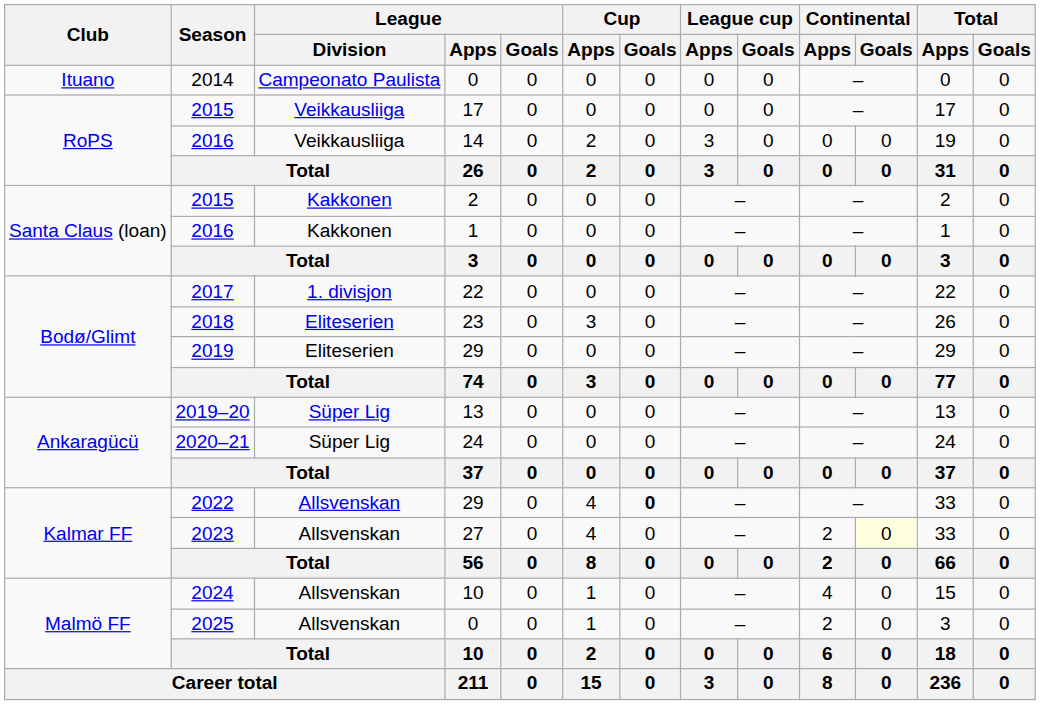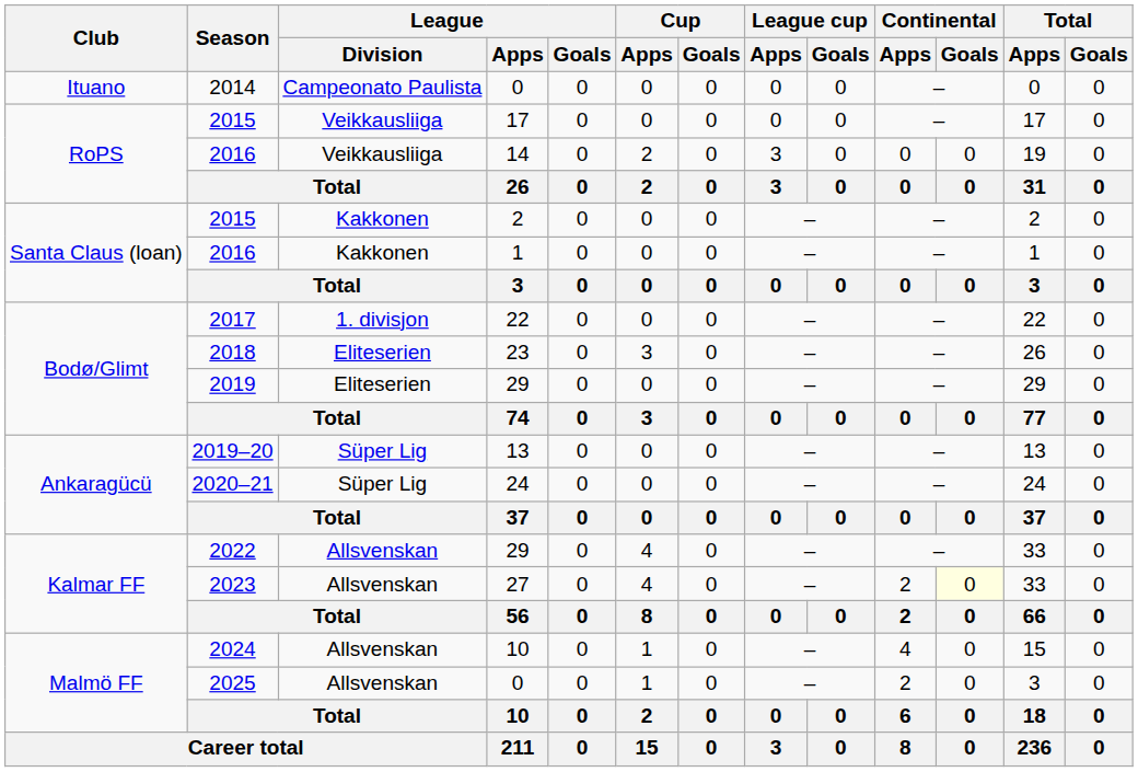 <table class="wikitable" style="text-align:center">
 <tr>
 <th rowspan="2">Club</th>
 <th rowspan="2">Season</th>
 <th colspan="3">League</th>
 <th colspan="2">Cup</th>
 <th colspan="2">League cup</th>
 <th colspan="2">Continental</th>
 <th colspan="2">Total</th>
 </tr>
 <tr>
 <th>Division</th>
 <th>Apps</th>
 <th>Goals</th>
 <th>Apps</th>
 <th>Goals</th>
 <th>Apps</th>
 <th>Goals</th>
 <th>Apps</th>
 <th>Goals</th>
 <th>Apps</th>
 <th>Goals</th>
 </tr>
 <tr>
 <td><a href='#'>Ituano</a></td>
 <td>2014</td>
 <td><a href='#'>Campeonato Paulista</a></td>
 <td>0</td>
 <td>0</td>
 <td>0</td>
 <td>0</td>
 <td>0</td>
 <td>0</td>
 <td colspan=2>–</td>
 <td>0</td>
 <td>0</td>
 </tr>
 <tr>
 <td rowspan="3"><a href='#'>RoPS</a></td>
 <td><a href='#'>2015</a></td>
 <td><a href='#'>Veikkausliiga</a></td>
 <td>17</td>
 <td>0</td>
 <td>0</td>
 <td>0</td>
 <td>0</td>
 <td>0</td>
 <td colspan="2">–</td>
 <td>17</td>
 <td>0</td>
 </tr>
 <tr>
 <td><a href='#'>2016</a></td>
 <td>Veikkausliiga</td>
 <td>14</td>
 <td>0</td>
 <td>2</td>
 <td>0</td>
 <td>3</td>
 <td>0</td>
 <td>0</td>
 <td>0</td>
 <td>19</td>
 <td>0</td>
 </tr>
 <tr>
 <th colspan="2">Total</th>
 <th>26</th>
 <th>0</th>
 <th>2</th>
 <th>0</th>
 <th>3</th>
 <th>0</th>
 <th>0</th>
 <th>0</th>
 <th>31</th>
 <th>0</th>
 </tr>
 <tr>
 <td rowspan="3"><a href='#'>Santa Claus</a> (loan)</td>
 <td><a href='#'>2015</a></td>
 <td><a href='#'>Kakkonen</a></td>
 <td>2</td>
 <td>0</td>
 <td>0</td>
 <td>0</td>
 <td colspan="2">–</td>
 <td colspan="2">–</td>
 <td>2</td>
 <td>0</td>
 </tr>
 <tr>
 <td><a href='#'>2016</a></td>
 <td>Kakkonen</td>
 <td>1</td>
 <td>0</td>
 <td>0</td>
 <td>0</td>
 <td colspan="2">–</td>
 <td colspan="2">–</td>
 <td>1</td>
 <td>0</td>
 </tr>
 <tr>
 <th colspan="2">Total</th>
 <th>3</th>
 <th>0</th>
 <th>0</th>
 <th>0</th>
 <th>0</th>
 <th>0</th>
 <th>0</th>
 <th>0</th>
 <th>3</th>
 <th>0</th>
 </tr>
 <tr>
 <td rowspan="4"><a href='#'>Bodø/Glimt</a></td>
 <td><a href='#'>2017</a></td>
 <td><a href='#'>1. divisjon</a></td>
 <td>22</td>
 <td>0</td>
 <td>0</td>
 <td>0</td>
 <td colspan="2">–</td>
 <td colspan="2">–</td>
 <td>22</td>
 <td>0</td>
 </tr>
 <tr>
 <td><a href='#'>2018</a></td>
 <td><a href='#'>Eliteserien</a></td>
 <td>23</td>
 <td>0</td>
 <td>3</td>
 <td>0</td>
 <td colspan="2">–</td>
 <td colspan="2">–</td>
 <td>26</td>
 <td>0</td>
 </tr>
 <tr>
 <td><a href='#'>2019</a></td>
 <td>Eliteserien</td>
 <td>29</td>
 <td>0</td>
 <td>0</td>
 <td>0</td>
 <td colspan="2">–</td>
 <td colspan="2">–</td>
 <td>29</td>
 <td>0</td>
 </tr>
 <tr>
 <th colspan="2">Total</th>
 <th>74</th>
 <th>0</th>
 <th>3</th>
 <th>0</th>
 <th>0</th>
 <th>0</th>
 <th>0</th>
 <th>0</th>
 <th>77</th>
 <th>0</th>
 </tr>
 <tr>
 <td rowspan="3"><a href='#'>Ankaragücü</a></td>
 <td><a href='#'>2019–20</a></td>
 <td><a href='#'>Süper Lig</a></td>
 <td>13</td>
 <td>0</td>
 <td>0</td>
 <td>0</td>
 <td colspan="2">–</td>
 <td colspan="2">–</td>
 <td>13</td>
 <td>0</td>
 </tr>
 <tr>
 <td><a href='#'>2020–21</a></td>
 <td>Süper Lig</td>
 <td>24</td>
 <td>0</td>
 <td>0</td>
 <td>0</td>
 <td colspan="2">–</td>
 <td colspan="2">–</td>
 <td>24</td>
 <td>0</td>
 </tr>
 <tr>
 <th colspan="2">Total</th>
 <th>37</th>
 <th>0</th>
 <th>0</th>
 <th>0</th>
 <th>0</th>
 <th>0</th>
 <th>0</th>
 <th>0</th>
 <th>37</th>
 <th>0</th>
 </tr>
 <tr>
 <td rowspan=3><a href='#'>Kalmar FF</a></td>
 <td><a href='#'>2022</a></td>
 <td><a href='#'>Allsvenskan</a></td>
 <td>29</td>
 <td>0</td>
 <td>4</td>
-<td><strong>0</strong></td>
+<td>0</td>
 <td colspan=2>–</td>
 <td colspan=2>–</td>
 <td>33</td>
 <td>0</td>
 </tr>
 <tr>
 <td><a href='#'>2023</a></td>
 <td>Allsvenskan</td>
 <td>27</td>
 <td>0</td>
 <td>4</td>
 <td>0</td>
 <td colspan=2>–</td>
 <td>2</td>
 <td style="background: lightyellow;">0</td>
 <td>33</td>
 <td>0</td>
 </tr>
 <tr>
 <th colspan="2">Total</th>
 <th>56</th>
 <th>0</th>
 <th>8</th>
 <th>0</th>
 <th>0</th>
 <th>0</th>
 <th>2</th>
 <th>0</th>
 <th>66</th>
 <th>0</th>
 </tr>
 <tr>
 <td rowspan=3><a href='#'>Malmö FF</a></td>
 <td><a href='#'>2024</a></td>
 <td>Allsvenskan</td>
 <td>10</td>
 <td>0</td>
 <td>1</td>
 <td>0</td>
 <td colspan=2>–</td>
 <td>4</td>
 <td>0</td>
 <td>15</td>
 <td>0</td>
 </tr>
 <tr>
 <td><a href='#'>2025</a></td>
 <td>Allsvenskan</td>
 <td>0</td>
 <td>0</td>
 <td>1</td>
 <td>0</td>
 <td colspan=2>–</td>
 <td>2</td>
 <td>0</td>
 <td>3</td>
 <td>0</td>
 </tr>
 <tr>
 <th colspan="2">Total</th>
 <th>10</th>
 <th>0</th>
 <th>2</th>
 <th>0</th>
 <th>0</th>
 <th>0</th>
 <th>6</th>
 <th>0</th>
 <th>18</th>
 <th>0</th>
 </tr>
 <tr>
 <th colspan="3">Career total</th>
 <th>211</th>
 <th>0</th>
 <th>15</th>
 <th>0</th>
 <th>3</th>
 <th>0</th>
 <th>8</th>
 <th>0</th>
 <th>236</th>
 <th>0</th>
 </tr>
 </table>
